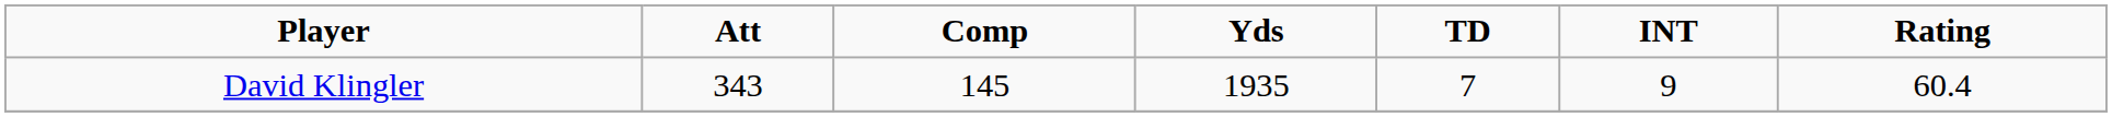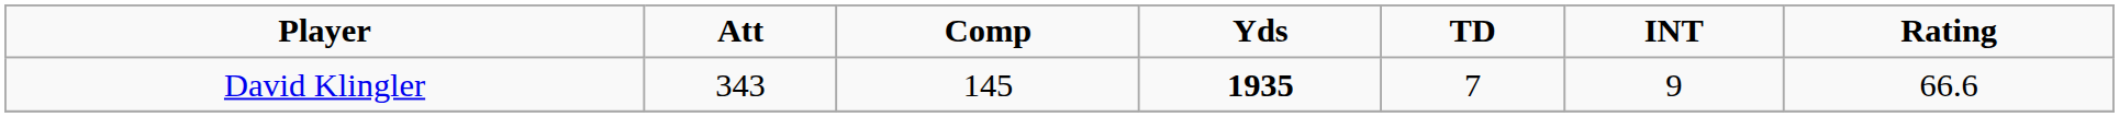 <table class="wikitable" width="80%">
 <tr align="center">
 <td><strong>Player</strong></td>
 <td><strong>Att</strong></td>
 <td><strong>Comp</strong></td>
 <td><strong>Yds</strong></td>
 <td><strong>TD</strong></td>
 <td><strong>INT</strong></td>
 <td><strong>Rating</strong></td>
 </tr>
 <tr align="center" bgcolor="">
 <td><a href='#'>David Klingler</a></td>
 <td>343</td>
 <td>145</td>
-<td>1935</td>
+<td><strong>1935</strong></td>
 <td>7</td>
 <td>9</td>
-<td>60.4</td>
+<td>66.6</td>
 </tr>
 <tr align="center" bgcolor="">
 </tr>
 </table>
